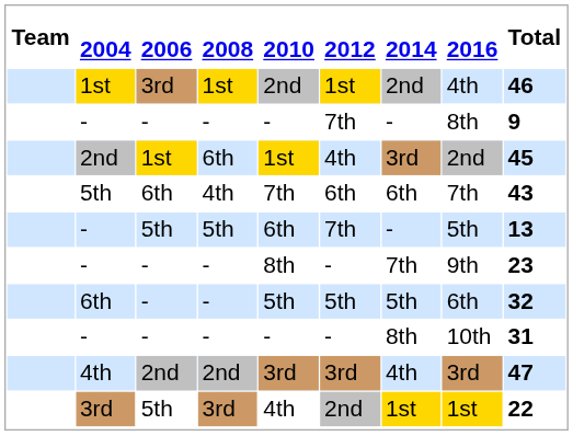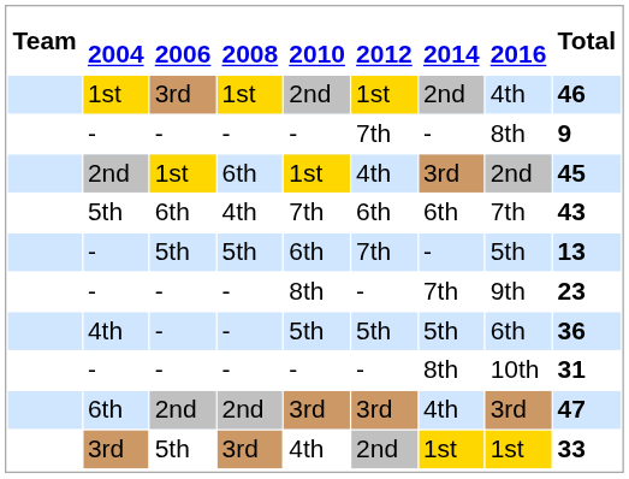 <table border="0" cellspacing="1" cellpadding="3" style="border: 1px solid #aaaaaa;">
 <tr bgcolor=>
 <td><strong>Team</strong></td>
 <td><strong><br><a href='#'>2004</a></strong></td>
 <td><strong><br><a href='#'>2006</a></strong></td>
 <td><strong><br><a href='#'>2008</a></strong></td>
 <td><strong><br><a href='#'>2010</a></strong></td>
 <td><strong><br><a href='#'>2012</a></strong></td>
 <td><strong><br><a href='#'>2014</a></strong></td>
 <td><strong><br><a href='#'>2016</a></strong></td>
 <td><strong>Total</strong></td>
 </tr>
 <tr bgcolor=#D0E6FF>
 <td></td>
 <td bgcolor=gold>1st</td>
 <td bgcolor=#cc9966>3rd</td>
 <td bgcolor=gold>1st</td>
 <td bgcolor=silver>2nd</td>
 <td bgcolor=gold>1st</td>
 <td bgcolor=silver>2nd</td>
 <td>4th</td>
 <td><strong>46</strong></td>
 </tr>
 <tr bgcolor=#FFFFFF>
 <td></td>
 <td>-</td>
 <td>-</td>
 <td>-</td>
 <td>-</td>
 <td>7th</td>
 <td>-</td>
 <td>8th</td>
 <td><strong>9</strong></td>
 </tr>
 <tr bgcolor=#D0E6FF>
 <td></td>
 <td bgcolor=silver>2nd</td>
 <td bgcolor=gold>1st</td>
 <td>6th</td>
 <td bgcolor=gold>1st</td>
 <td>4th</td>
 <td bgcolor=#cc9966>3rd</td>
 <td bgcolor=silver>2nd</td>
 <td><strong>45</strong></td>
 </tr>
 <tr bgcolor=#FFFFFF>
 <td></td>
 <td>5th</td>
 <td>6th</td>
 <td>4th</td>
 <td>7th</td>
 <td>6th</td>
 <td>6th</td>
 <td>7th</td>
 <td><strong>43</strong></td>
 </tr>
 <tr bgcolor=#D0E6FF>
 <td></td>
 <td>-</td>
 <td>5th</td>
 <td>5th</td>
 <td>6th</td>
 <td>7th</td>
 <td>-</td>
 <td>5th</td>
 <td><strong>13</strong></td>
 </tr>
 <tr bgcolor=#FFFFFF>
 <td></td>
 <td>-</td>
 <td>-</td>
 <td>-</td>
 <td>8th</td>
 <td>-</td>
 <td>7th</td>
 <td>9th</td>
 <td><strong>23</strong></td>
 </tr>
 <tr bgcolor=#D0E6FF>
 <td></td>
-<td>6th</td>
+<td>4th</td>
 <td>-</td>
 <td>-</td>
 <td>5th</td>
 <td>5th</td>
 <td>5th</td>
 <td>6th</td>
-<td><strong>32</strong></td>
+<td><strong>36</strong></td>
 </tr>
 <tr bgcolor=#FFFFFF>
 <td></td>
 <td>-</td>
 <td>-</td>
 <td>-</td>
 <td>-</td>
 <td>-</td>
 <td>8th</td>
 <td>10th</td>
 <td><strong>31</strong></td>
 </tr>
 <tr bgcolor=#D0E6FF>
 <td></td>
-<td>4th</td>
+<td>6th</td>
 <td bgcolor=silver>2nd</td>
 <td bgcolor=silver>2nd</td>
 <td bgcolor=#cc9966>3rd</td>
 <td bgcolor=#cc9966>3rd</td>
 <td>4th</td>
 <td bgcolor=#cc9966>3rd</td>
 <td><strong>47</strong></td>
 </tr>
 <tr bgcolor=#FFFFFF>
 <td></td>
 <td bgcolor=#cc9966>3rd</td>
 <td>5th</td>
 <td bgcolor=#cc9966>3rd</td>
 <td>4th</td>
 <td bgcolor=silver>2nd</td>
 <td bgcolor=gold>1st</td>
 <td bgcolor=gold>1st</td>
-<td><strong>22</strong></td>
+<td><strong>33</strong></td>
 </tr>
 <tr bgcolor=#D0E6FF>
 </tr>
 </table>
